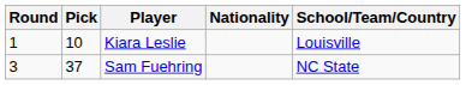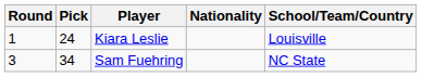 <table class="wikitable">
 <tr>
 <th>Round</th>
 <th>Pick</th>
 <th>Player</th>
 <th>Nationality</th>
 <th>School/Team/Country</th>
 </tr>
 <tr>
 <td>1</td>
-<td>10</td>
+<td>24</td>
 <td><a href='#'>Kiara Leslie</a></td>
 <td></td>
 <td><a href='#'>Louisville</a></td>
 </tr>
 <tr>
 <td>3</td>
-<td>37</td>
+<td>34</td>
 <td><a href='#'>Sam Fuehring</a></td>
 <td></td>
 <td><a href='#'>NC State</a></td>
 </tr>
 </table>
